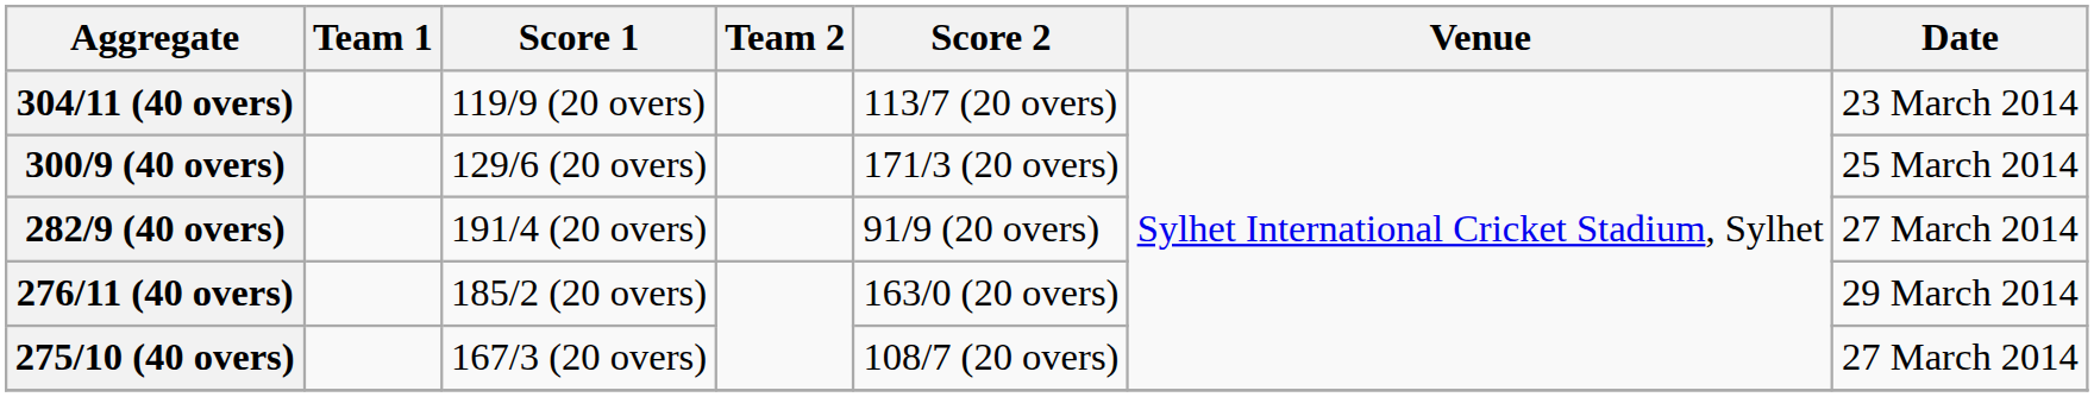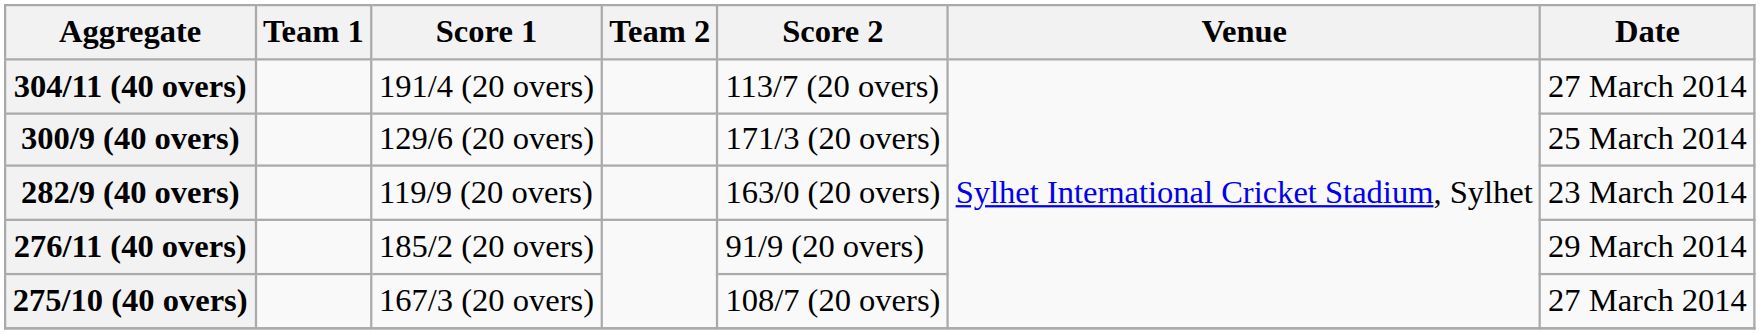 <table class="wikitable sortable" style="text-align:left;font-size:90%;">
 <tr>
 <th scope=col>Aggregate</th>
 <th scope=col>Team 1</th>
 <th scope=col>Score 1</th>
 <th scope=col>Team 2</th>
 <th scope=col>Score 2</th>
 <th scope=col>Venue</th>
 <th scope=col data-sort-type=date>Date</th>
 </tr>
 <tr>
 <th scope=row>304/11 (40 overs)</th>
 <td></td>
-<td>119/9 (20 overs)</td>
+<td>191/4 (20 overs)</td>
 <td></td>
 <td>113/7 (20 overs)</td>
 <td rowspan=5><a href='#'>Sylhet International Cricket Stadium</a>, Sylhet</td>
-<td>23 March 2014</td>
+<td>27 March 2014</td>
 </tr>
 <tr>
 <th scope=row>300/9 (40 overs)</th>
 <td></td>
 <td>129/6 (20 overs)</td>
 <td></td>
 <td>171/3 (20 overs)</td>
 <td>25 March 2014</td>
 </tr>
 <tr>
 <th scope=row>282/9 (40 overs)</th>
 <td></td>
-<td>191/4 (20 overs)</td>
+<td>119/9 (20 overs)</td>
 <td></td>
-<td>91/9 (20 overs)</td>
-<td>27 March 2014</td>
+<td>163/0 (20 overs)</td>
+<td>23 March 2014</td>
 </tr>
 <tr>
 <th scope=row>276/11 (40 overs)</th>
 <td></td>
 <td>185/2 (20 overs)</td>
 <td rowspan=2></td>
-<td>163/0 (20 overs)</td>
+<td>91/9 (20 overs)</td>
 <td>29 March 2014</td>
 </tr>
 <tr>
 <th scope=row>275/10 (40 overs)</th>
 <td></td>
 <td>167/3 (20 overs)</td>
 <td>108/7 (20 overs)</td>
 <td>27 March 2014</td>
 </tr>
 <tr>
 </tr>
 </table>
